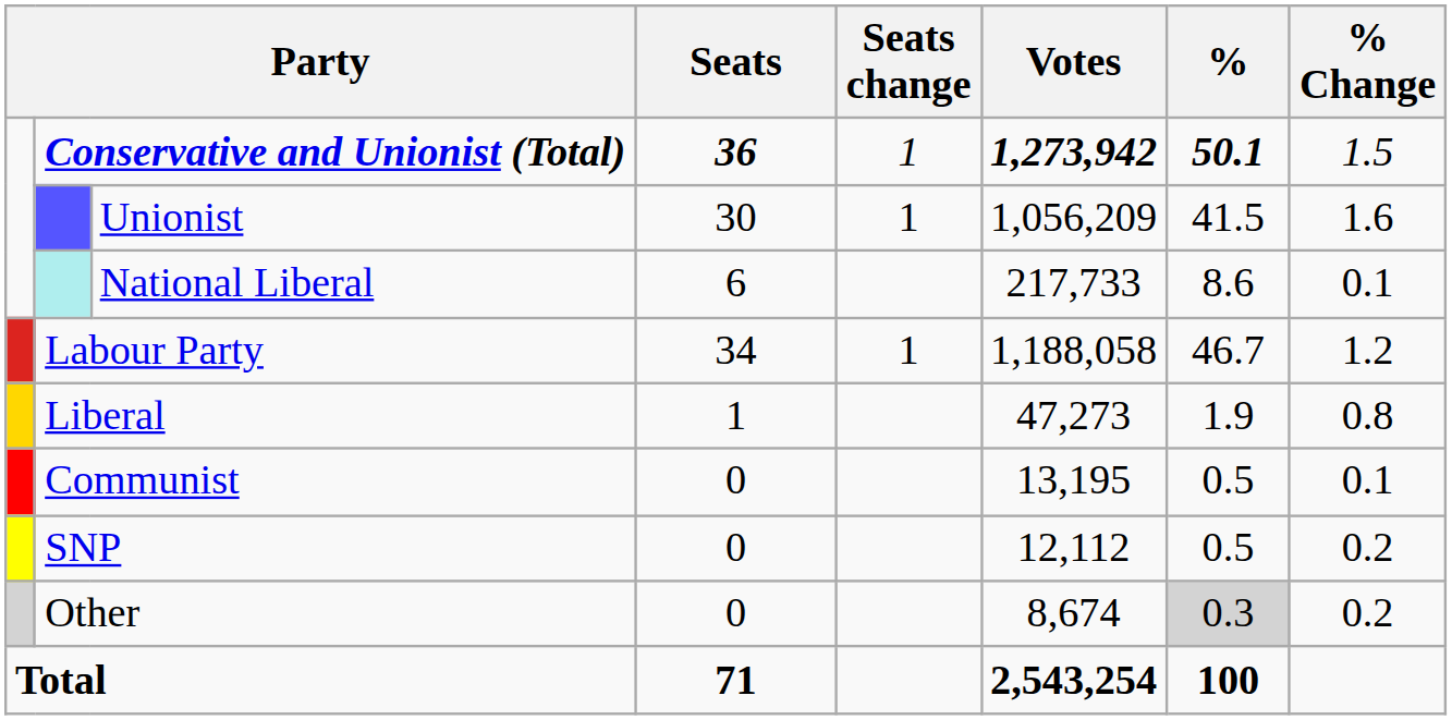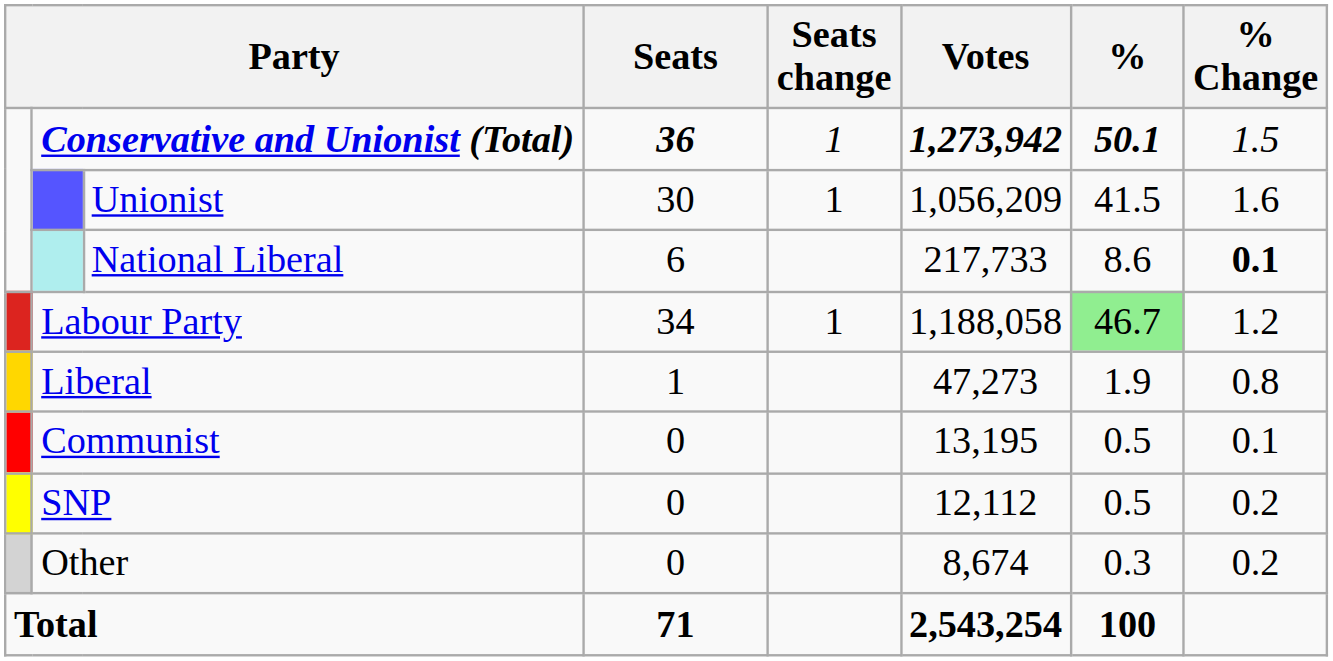 <table class="wikitable sortable">
 <tr>
 <th style="width:200px" colspan=3>Party</th>
 <th style="width:70px;">Seats</th>
 <th style="width:40px;">Seats change</th>
 <th style="width:40px;">Votes</th>
 <th style="width:40px;">%</th>
 <th style="width:40px;">% Change</th>
 </tr>
 <tr>
 <td rowspan= 3> </td>
 <td colspan=2><strong><em><a href='#'>Conservative and Unionist</a> (Total)</em></strong></td>
 <td align=center><strong><em>36</em></strong></td>
 <td align=center><em>1</em></td>
 <td align=center><strong><em>1,273,942</em></strong></td>
 <td align=center><strong><em>50.1</em></strong></td>
 <td align=center><em>1.5</em></td>
 </tr>
 <tr>
 <td style="background-color:#5555FF"> </td>
 <td><a href='#'>Unionist</a></td>
 <td align="center">30</td>
 <td align="center"> 1</td>
 <td align="center">1,056,209</td>
 <td align="center">41.5</td>
 <td align="center"> 1.6</td>
 </tr>
 <tr>
 <td style="background-color:#AFEEEE"> </td>
 <td><a href='#'>National Liberal</a></td>
 <td align="center">6</td>
 <td align="center"></td>
 <td align="center">217,733</td>
 <td align="center">8.6</td>
-<td align="center"> 0.1</td>
+<td align="center"><strong> 0.1</strong></td>
 </tr>
 <tr>
 <td style="background-color:#DC241f"> </td>
 <td colspan=2><a href='#'>Labour Party</a></td>
 <td align=center>34</td>
 <td align=center> 1</td>
 <td align=center>1,188,058</td>
-<td align=center>46.7</td>
+<td align=center style="background: lightgreen;">46.7</td>
 <td align=center> 1.2</td>
 </tr>
 <tr>
 <td style="background-color:#FFD700"> </td>
 <td colspan=2><a href='#'>Liberal</a></td>
 <td align=center>1</td>
 <td align=center></td>
 <td align=center>47,273</td>
 <td align=center>1.9</td>
 <td align=center>0.8</td>
 </tr>
 <tr>
 <td style="background-color:#FF0000"> </td>
 <td colspan=2><a href='#'>Communist</a></td>
 <td align=center>0</td>
 <td align=center></td>
 <td align=center>13,195</td>
 <td align=center>0.5</td>
 <td align=center> 0.1</td>
 </tr>
 <tr>
 <td style="background-color:#FFFF00"> </td>
 <td colspan=2><a href='#'>SNP</a></td>
 <td align=center>0</td>
 <td align=center></td>
 <td align=center>12,112</td>
 <td align=center>0.5</td>
 <td align=center> 0.2</td>
 </tr>
 <tr>
 <td style="background-color:#D3D3D3"> </td>
 <td colspan=2>Other</td>
 <td align=center>0</td>
 <td align=center></td>
 <td align=center>8,674</td>
-<td align=center style="background: lightgrey;">0.3</td>
+<td align=center>0.3</td>
 <td align=center> 0.2</td>
 </tr>
 <tr>
 <td colspan=3><strong>Total</strong></td>
 <td align=center><strong>71</strong></td>
 <td align=center></td>
 <td align=center><strong>2,543,254</strong></td>
 <td align=center><strong>100</strong></td>
 <td align=center></td>
 </tr>
 </table>
